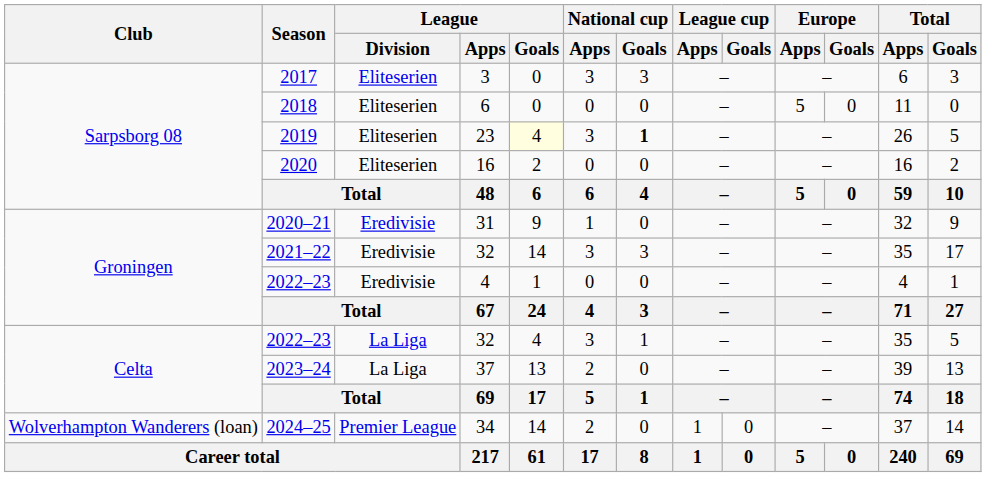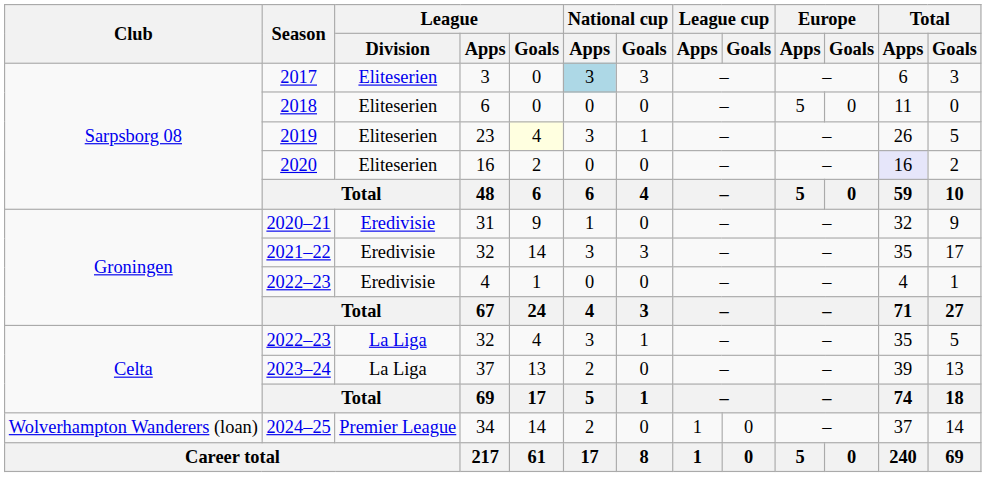 <table class="wikitable" style="text-align: center;">
 <tr>
 <th rowspan="2">Club</th>
 <th rowspan="2">Season</th>
 <th colspan="3">League</th>
 <th colspan="2">National cup</th>
 <th colspan="2">League cup</th>
 <th colspan="2">Europe</th>
 <th colspan="2">Total</th>
 </tr>
 <tr>
 <th>Division</th>
 <th>Apps</th>
 <th>Goals</th>
 <th>Apps</th>
 <th>Goals</th>
 <th>Apps</th>
 <th>Goals</th>
 <th>Apps</th>
 <th>Goals</th>
 <th>Apps</th>
 <th>Goals</th>
 </tr>
 <tr>
 <td rowspan="5"><a href='#'>Sarpsborg 08</a></td>
 <td><a href='#'>2017</a></td>
 <td><a href='#'>Eliteserien</a></td>
 <td>3</td>
 <td>0</td>
-<td>3</td>
+<td style="background: lightblue;">3</td>
 <td>3</td>
 <td colspan="2">–</td>
 <td colspan="2">–</td>
 <td>6</td>
 <td>3</td>
 </tr>
 <tr>
 <td><a href='#'>2018</a></td>
 <td>Eliteserien</td>
 <td>6</td>
 <td>0</td>
 <td>0</td>
 <td>0</td>
 <td colspan="2">–</td>
 <td>5</td>
 <td>0</td>
 <td>11</td>
 <td>0</td>
 </tr>
 <tr>
 <td><a href='#'>2019</a></td>
 <td>Eliteserien</td>
 <td>23</td>
 <td style="background: lightyellow;">4</td>
 <td>3</td>
-<td><strong>1</strong></td>
+<td>1</td>
 <td colspan="2">–</td>
 <td colspan="2">–</td>
 <td>26</td>
 <td>5</td>
 </tr>
 <tr>
 <td><a href='#'>2020</a></td>
 <td>Eliteserien</td>
 <td>16</td>
 <td>2</td>
 <td>0</td>
 <td>0</td>
 <td colspan="2">–</td>
 <td colspan="2">–</td>
-<td>16</td>
+<td style="background: lavender;">16</td>
 <td>2</td>
 </tr>
 <tr>
 <th colspan="2">Total</th>
 <th>48</th>
 <th>6</th>
 <th>6</th>
 <th>4</th>
 <th colspan="2">–</th>
 <th>5</th>
 <th>0</th>
 <th>59</th>
 <th>10</th>
 </tr>
 <tr>
 <td rowspan="4"><a href='#'>Groningen</a></td>
 <td><a href='#'>2020–21</a></td>
 <td><a href='#'>Eredivisie</a></td>
 <td>31</td>
 <td>9</td>
 <td>1</td>
 <td>0</td>
 <td colspan="2">–</td>
 <td colspan="2">–</td>
 <td>32</td>
 <td>9</td>
 </tr>
 <tr>
 <td><a href='#'>2021–22</a></td>
 <td>Eredivisie</td>
 <td>32</td>
 <td>14</td>
 <td>3</td>
 <td>3</td>
 <td colspan="2">–</td>
 <td colspan="2">–</td>
 <td>35</td>
 <td>17</td>
 </tr>
 <tr>
 <td><a href='#'>2022–23</a></td>
 <td>Eredivisie</td>
 <td>4</td>
 <td>1</td>
 <td>0</td>
 <td>0</td>
 <td colspan="2">–</td>
 <td colspan="2">–</td>
 <td>4</td>
 <td>1</td>
 </tr>
 <tr>
 <th colspan="2">Total</th>
 <th>67</th>
 <th>24</th>
 <th>4</th>
 <th>3</th>
 <th colspan="2">–</th>
 <th colspan="2">–</th>
 <th>71</th>
 <th>27</th>
 </tr>
 <tr>
 <td rowspan="3"><a href='#'>Celta</a></td>
 <td><a href='#'>2022–23</a></td>
 <td><a href='#'>La Liga</a></td>
 <td>32</td>
 <td>4</td>
 <td>3</td>
 <td>1</td>
 <td colspan="2">–</td>
 <td colspan="2">–</td>
 <td>35</td>
 <td>5</td>
 </tr>
 <tr>
 <td><a href='#'>2023–24</a></td>
 <td>La Liga</td>
 <td>37</td>
 <td>13</td>
 <td>2</td>
 <td>0</td>
 <td colspan="2">–</td>
 <td colspan="2">–</td>
 <td>39</td>
 <td>13</td>
 </tr>
 <tr>
 <th colspan="2">Total</th>
 <th>69</th>
 <th>17</th>
 <th>5</th>
 <th>1</th>
 <th colspan="2">–</th>
 <th colspan="2">–</th>
 <th>74</th>
 <th>18</th>
 </tr>
 <tr>
 <td><a href='#'>Wolverhampton Wanderers</a> (loan)</td>
 <td><a href='#'>2024–25</a></td>
 <td><a href='#'>Premier League</a></td>
 <td>34</td>
 <td>14</td>
 <td>2</td>
 <td>0</td>
 <td>1</td>
 <td>0</td>
 <td colspan="2">–</td>
 <td>37</td>
 <td>14</td>
 </tr>
 <tr>
 <th colspan="3">Career total</th>
 <th>217</th>
 <th>61</th>
 <th>17</th>
 <th>8</th>
 <th>1</th>
 <th>0</th>
 <th>5</th>
 <th>0</th>
 <th>240</th>
 <th>69</th>
 </tr>
 </table>
